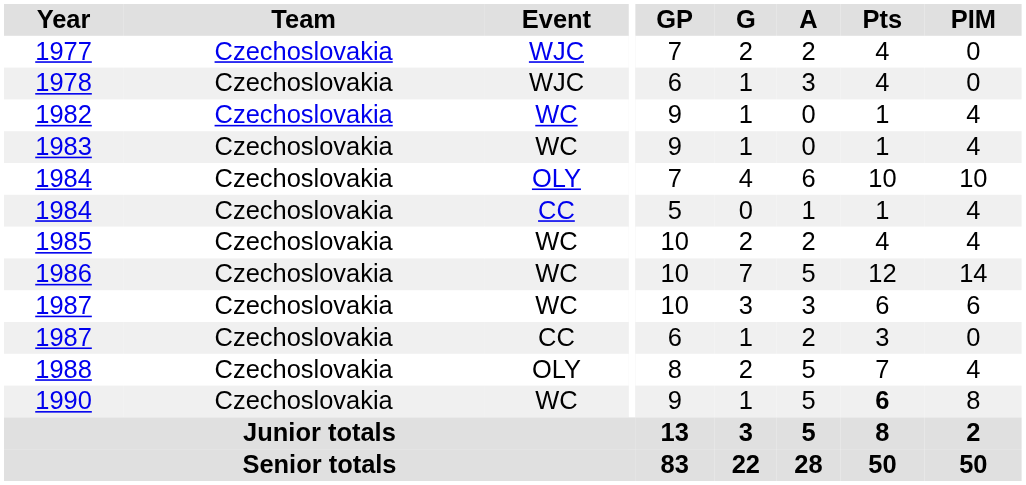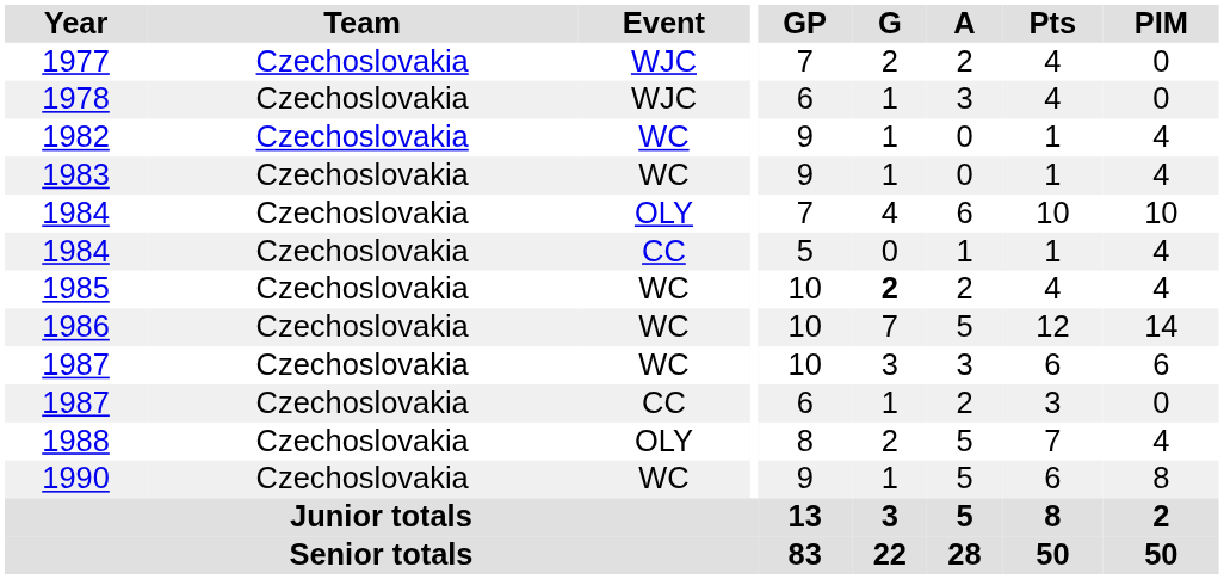 <table border="0" cellpadding="1" cellspacing="0" ID="Table3" style="text-align:center; width:40em">
 <tr bgcolor="#e0e0e0">
 <th>Year</th>
 <th>Team</th>
 <th>Event</th>
 <th rowspan="102" bgcolor="#ffffff"></th>
 <th>GP</th>
 <th>G</th>
 <th>A</th>
 <th>Pts</th>
 <th>PIM</th>
 </tr>
 <tr>
 <td><a href='#'>1977</a></td>
 <td><a href='#'>Czechoslovakia</a></td>
 <td><a href='#'>WJC</a></td>
 <td>7</td>
 <td>2</td>
 <td>2</td>
 <td>4</td>
 <td>0</td>
 </tr>
 <tr bgcolor="#f0f0f0">
 <td><a href='#'>1978</a></td>
 <td>Czechoslovakia</td>
 <td>WJC</td>
 <td>6</td>
 <td>1</td>
 <td>3</td>
 <td>4</td>
 <td>0</td>
 </tr>
 <tr>
 <td><a href='#'>1982</a></td>
 <td><a href='#'>Czechoslovakia</a></td>
 <td><a href='#'>WC</a></td>
 <td>9</td>
 <td>1</td>
 <td>0</td>
 <td>1</td>
 <td>4</td>
 </tr>
 <tr bgcolor="#f0f0f0">
 <td><a href='#'>1983</a></td>
 <td>Czechoslovakia</td>
 <td>WC</td>
 <td>9</td>
 <td>1</td>
 <td>0</td>
 <td>1</td>
 <td>4</td>
 </tr>
 <tr>
 <td><a href='#'>1984</a></td>
 <td>Czechoslovakia</td>
 <td><a href='#'>OLY</a></td>
 <td>7</td>
 <td>4</td>
 <td>6</td>
 <td>10</td>
 <td>10</td>
 </tr>
 <tr bgcolor="#f0f0f0">
 <td><a href='#'>1984</a></td>
 <td>Czechoslovakia</td>
 <td><a href='#'>CC</a></td>
 <td>5</td>
 <td>0</td>
 <td>1</td>
 <td>1</td>
 <td>4</td>
 </tr>
 <tr>
 <td><a href='#'>1985</a></td>
 <td>Czechoslovakia</td>
 <td>WC</td>
 <td>10</td>
-<td>2</td>
+<td><strong>2</strong></td>
 <td>2</td>
 <td>4</td>
 <td>4</td>
 </tr>
 <tr bgcolor="#f0f0f0">
 <td><a href='#'>1986</a></td>
 <td>Czechoslovakia</td>
 <td>WC</td>
 <td>10</td>
 <td>7</td>
 <td>5</td>
 <td>12</td>
 <td>14</td>
 </tr>
 <tr>
 <td><a href='#'>1987</a></td>
 <td>Czechoslovakia</td>
 <td>WC</td>
 <td>10</td>
 <td>3</td>
 <td>3</td>
 <td>6</td>
 <td>6</td>
 </tr>
 <tr bgcolor="#f0f0f0">
 <td><a href='#'>1987</a></td>
 <td>Czechoslovakia</td>
 <td>CC</td>
 <td>6</td>
 <td>1</td>
 <td>2</td>
 <td>3</td>
 <td>0</td>
 </tr>
 <tr>
 <td><a href='#'>1988</a></td>
 <td>Czechoslovakia</td>
 <td>OLY</td>
 <td>8</td>
 <td>2</td>
 <td>5</td>
 <td>7</td>
 <td>4</td>
 </tr>
 <tr bgcolor="#f0f0f0">
 <td><a href='#'>1990</a></td>
 <td>Czechoslovakia</td>
 <td>WC</td>
 <td>9</td>
 <td>1</td>
 <td>5</td>
-<td><strong>6</strong></td>
+<td>6</td>
 <td>8</td>
 </tr>
 <tr style="background:#e0e0e0;">
 <th colspan=4>Junior totals</th>
 <th>13</th>
 <th>3</th>
 <th>5</th>
 <th>8</th>
 <th>2</th>
 </tr>
 <tr style="background:#e0e0e0;">
 <th colspan=4>Senior totals</th>
 <th>83</th>
 <th>22</th>
 <th>28</th>
 <th>50</th>
 <th>50</th>
 </tr>
 </table>
